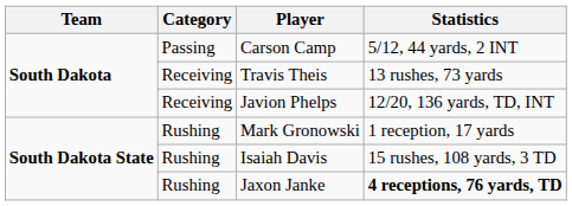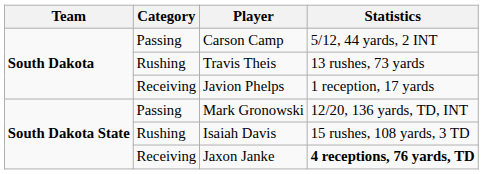 <table class="wikitable" style="float: left;">
 <tr>
 <th>Team</th>
 <th>Category</th>
 <th>Player</th>
 <th>Statistics</th>
 </tr>
 <tr>
 <td rowspan=3><strong>South Dakota</strong></td>
 <td>Passing</td>
 <td>Carson Camp</td>
 <td>5/12, 44 yards, 2 INT</td>
 </tr>
 <tr>
-<td>Receiving</td>
+<td>Rushing</td>
 <td>Travis Theis</td>
 <td>13 rushes, 73 yards</td>
 </tr>
 <tr>
 <td>Receiving</td>
 <td>Javion Phelps</td>
-<td>12/20, 136 yards, TD, INT</td>
+<td>1 reception, 17 yards</td>
 </tr>
 <tr>
 <td rowspan=3><strong>South Dakota State</strong></td>
-<td>Rushing</td>
+<td>Passing</td>
 <td>Mark Gronowski</td>
-<td>1 reception, 17 yards</td>
+<td>12/20, 136 yards, TD, INT</td>
 </tr>
 <tr>
 <td>Rushing</td>
 <td>Isaiah Davis</td>
 <td>15 rushes, 108 yards, 3 TD</td>
 </tr>
 <tr>
-<td>Rushing</td>
+<td>Receiving</td>
 <td>Jaxon Janke</td>
 <td><strong>4 receptions, 76 yards, TD</strong></td>
 </tr>
 </table>
